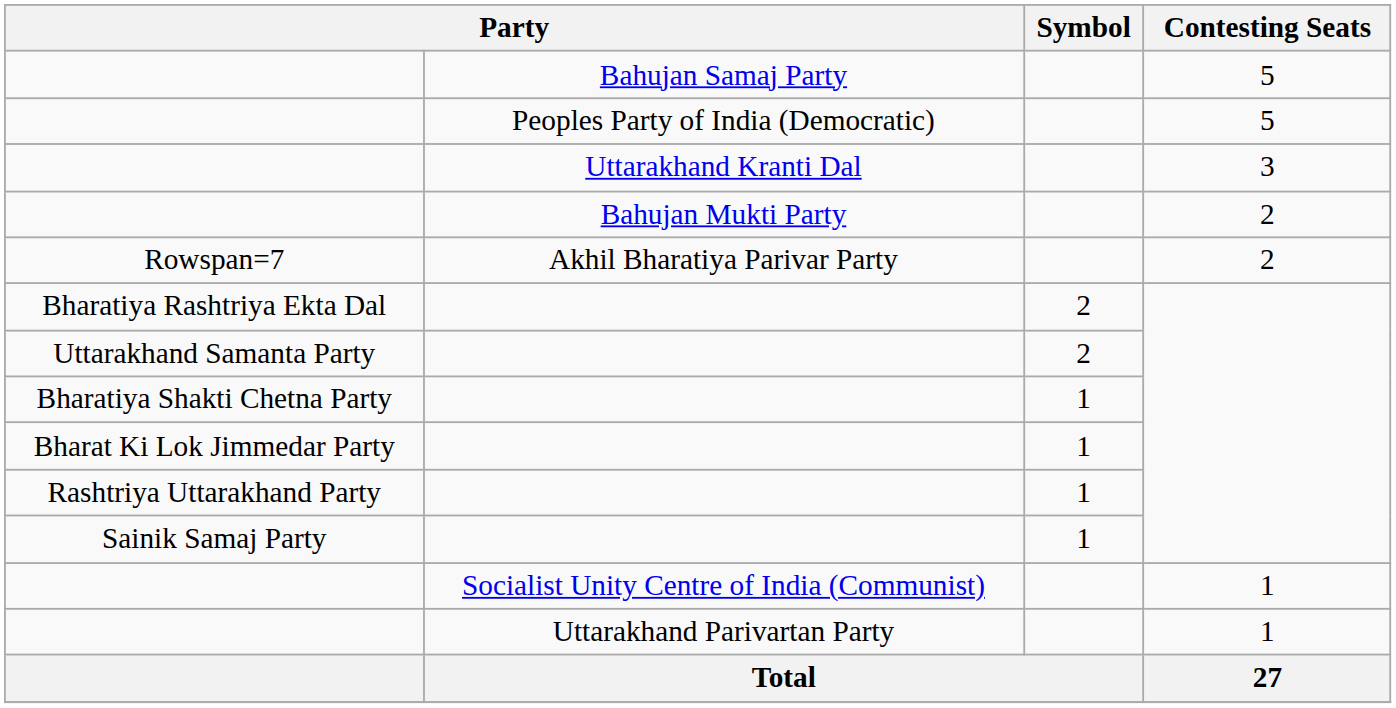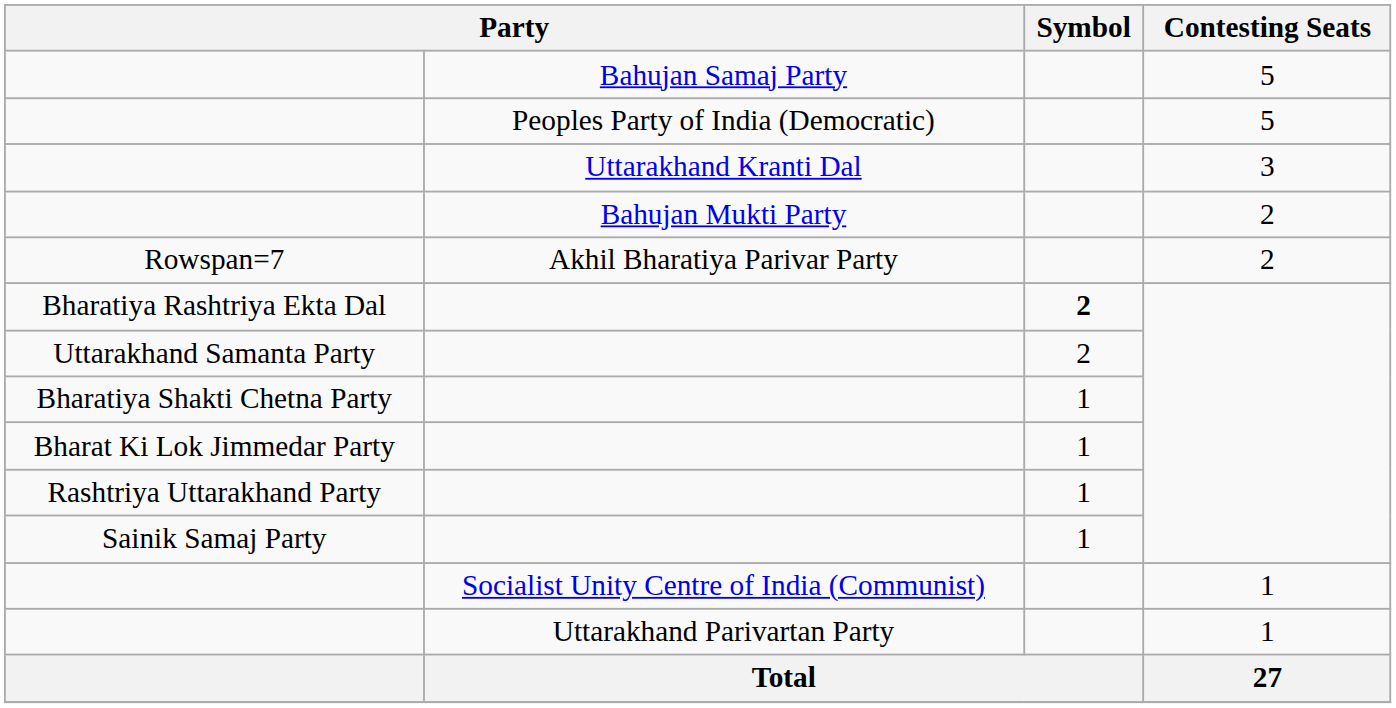 <table class="wikitable" width="60%" style="text-align:center">
 <tr>
 <th colspan="2">Party</th>
 <th>Symbol</th>
 <th>Contesting Seats</th>
 </tr>
 <tr>
 <td></td>
 <td><a href='#'>Bahujan Samaj Party</a></td>
 <td></td>
 <td>5</td>
 </tr>
 <tr>
 <td></td>
 <td>Peoples Party of India (Democratic)</td>
 <td></td>
 <td>5</td>
 </tr>
 <tr>
 <td></td>
 <td><a href='#'>Uttarakhand Kranti Dal</a></td>
 <td></td>
 <td>3</td>
 </tr>
 <tr>
 <td></td>
 <td><a href='#'>Bahujan Mukti Party</a></td>
 <td></td>
 <td>2</td>
 </tr>
 <tr>
 <td>Rowspan=7 </td>
 <td>Akhil Bharatiya Parivar Party</td>
 <td></td>
 <td>2</td>
 </tr>
 <tr>
 <td>Bharatiya Rashtriya Ekta Dal</td>
 <td></td>
-<td>2</td>
+<td><strong>2</strong></td>
 </tr>
 <tr>
 <td>Uttarakhand Samanta Party</td>
 <td></td>
 <td>2</td>
 </tr>
 <tr>
 <td>Bharatiya Shakti Chetna Party</td>
 <td></td>
 <td>1</td>
 </tr>
 <tr>
 <td>Bharat Ki Lok Jimmedar Party</td>
 <td></td>
 <td>1</td>
 </tr>
 <tr>
 <td>Rashtriya Uttarakhand Party</td>
 <td></td>
 <td>1</td>
 </tr>
 <tr>
 <td>Sainik Samaj Party</td>
 <td></td>
 <td>1</td>
 </tr>
 <tr>
 <td></td>
 <td><a href='#'>Socialist Unity Centre of India (Communist)</a></td>
 <td></td>
 <td>1</td>
 </tr>
 <tr>
 <td></td>
 <td>Uttarakhand Parivartan Party</td>
 <td></td>
 <td>1</td>
 </tr>
 <tr>
 <th></th>
 <th colspan="2">Total</th>
 <th>27</th>
 </tr>
 <tr>
 </tr>
 </table>
